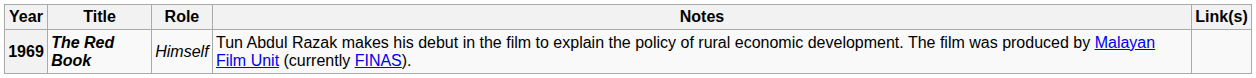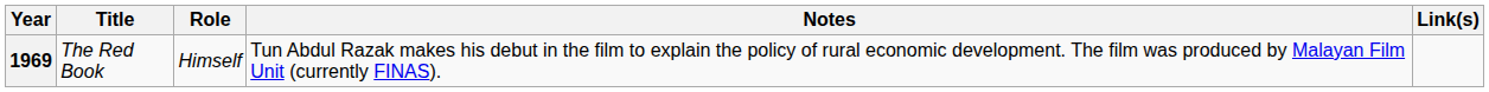 <table class="wikitable plainrowheaders sortable">
 <tr>
 <th scope="col">Year</th>
 <th scope="col">Title</th>
 <th scope="col">Role</th>
 <th scope="col" class="unsortable">Notes</th>
 <th scope="col" class="unsortable">Link(s)</th>
 </tr>
 <tr>
 <th scope="row">1969</th>
-<td><strong><em>The Red Book</em></strong></td>
+<td><em>The Red Book</em></td>
 <td><em>Himself</em></td>
 <td>Tun Abdul Razak makes his debut in the film to explain the policy of rural economic development. The film was produced by <a href='#'>Malayan Film Unit</a> (currently <a href='#'>FINAS</a>).</td>
 <td style="text-align:center;"></td>
 </tr>
 <tr>
 </tr>
 </table>
